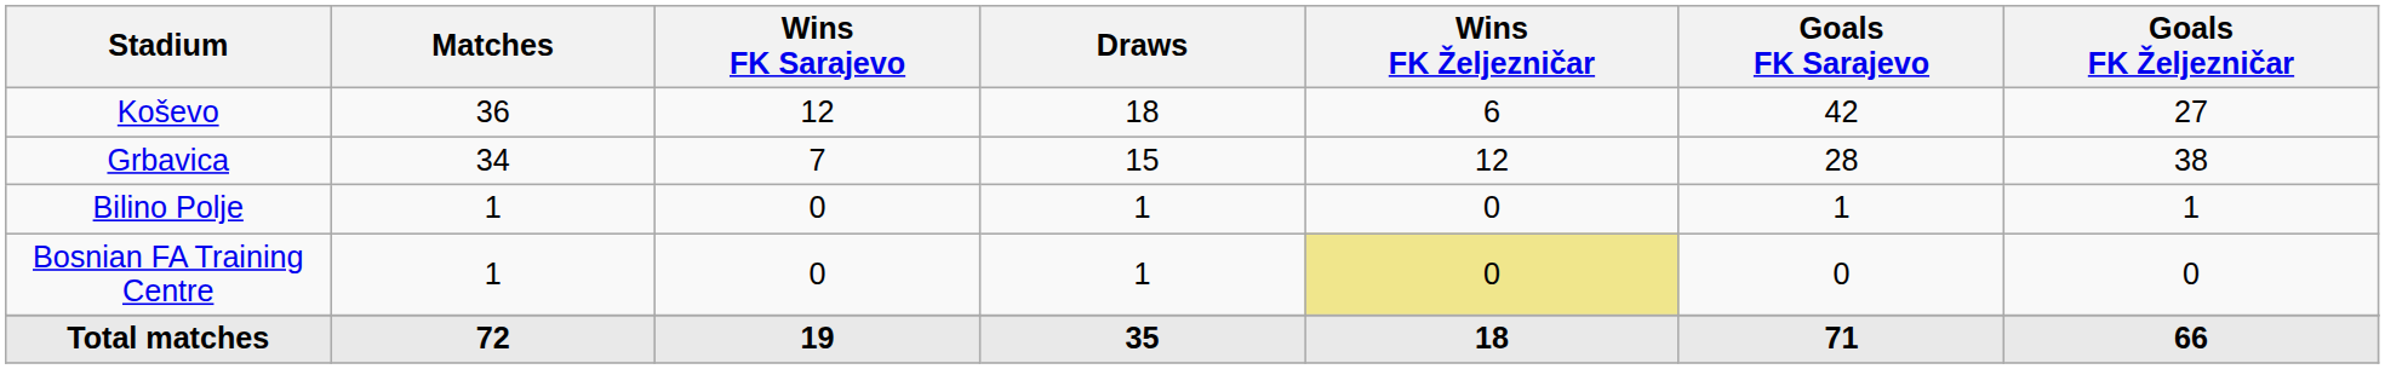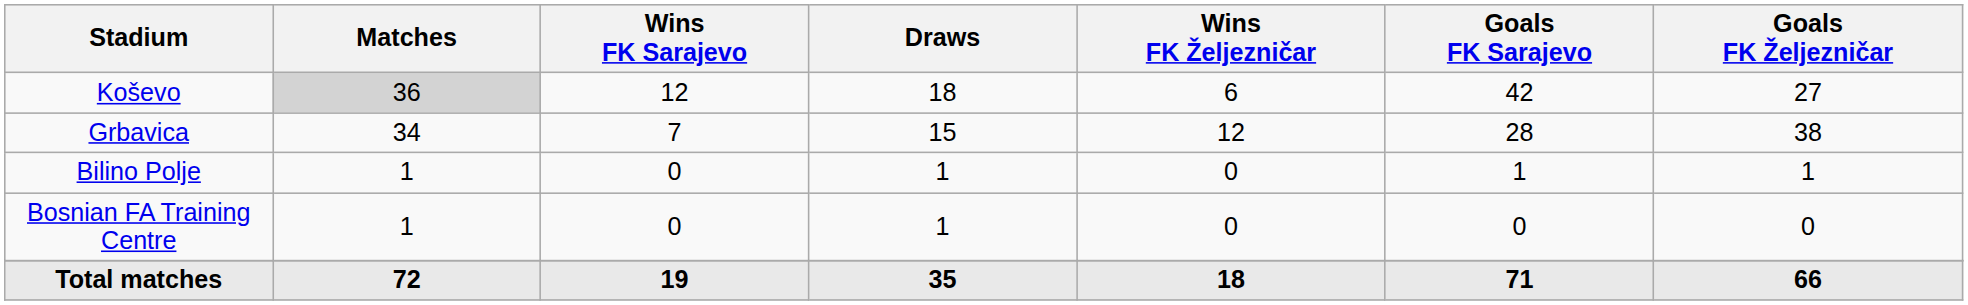 <table class="wikitable" style="text-align: center">
 <tr>
 <th width="13%">Stadium</th>
 <th width="13%">Matches</th>
 <th width="13%">Wins<br><a href='#'>FK Sarajevo</a></th>
 <th width="13%">Draws</th>
 <th width="15%">Wins<br><a href='#'>FK Željezničar</a></th>
 <th width="13%">Goals<br><a href='#'>FK Sarajevo</a></th>
 <th width="15%">Goals<br><a href='#'>FK Željezničar</a></th>
 </tr>
 <tr>
 <td><a href='#'>Koševo</a></td>
-<td>36</td>
+<td style="background: lightgrey;">36</td>
 <td>12</td>
 <td>18</td>
 <td>6</td>
 <td>42</td>
 <td>27</td>
 </tr>
 <tr>
 <td><a href='#'>Grbavica</a></td>
 <td>34</td>
 <td>7</td>
 <td>15</td>
 <td>12</td>
 <td>28</td>
 <td>38</td>
 </tr>
 <tr>
 <td><a href='#'>Bilino Polje</a></td>
 <td>1</td>
 <td>0</td>
 <td>1</td>
 <td>0</td>
 <td>1</td>
 <td>1</td>
 </tr>
 <tr>
 <td><a href='#'>Bosnian FA Training Centre</a></td>
 <td>1</td>
 <td>0</td>
 <td>1</td>
-<td style="background: khaki;">0</td>
+<td>0</td>
 <td>0</td>
 <td>0</td>
 </tr>
 <tr>
 </tr>
 <tr bgcolor=E9E9E9>
 <td><strong>Total matches</strong></td>
 <td><strong>72</strong></td>
 <td><strong>19</strong></td>
 <td><strong>35</strong></td>
 <td><strong>18</strong></td>
 <td><strong>71</strong></td>
 <td><strong>66</strong></td>
 </tr>
 </table>
